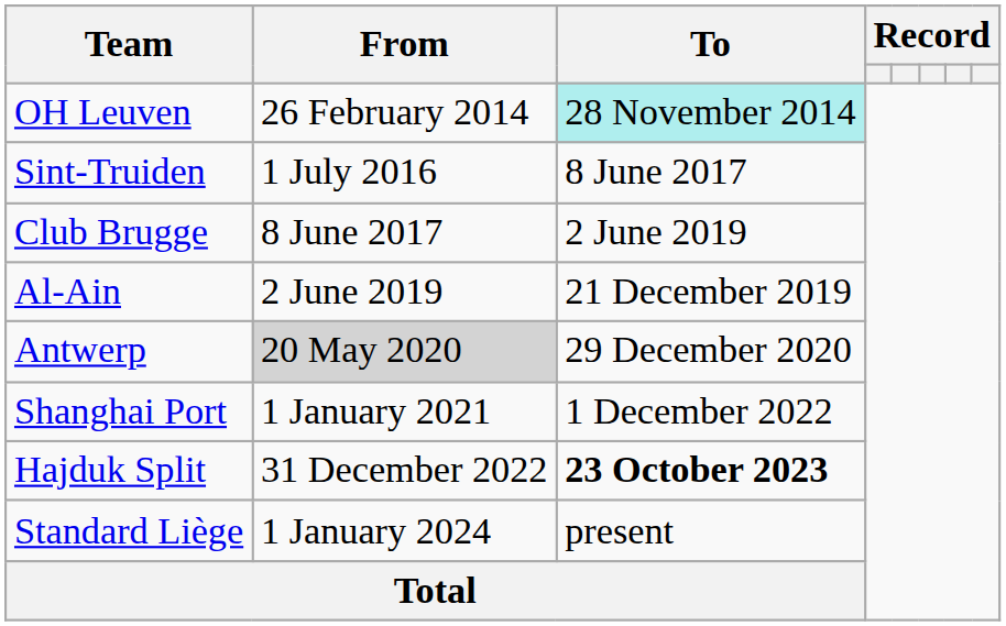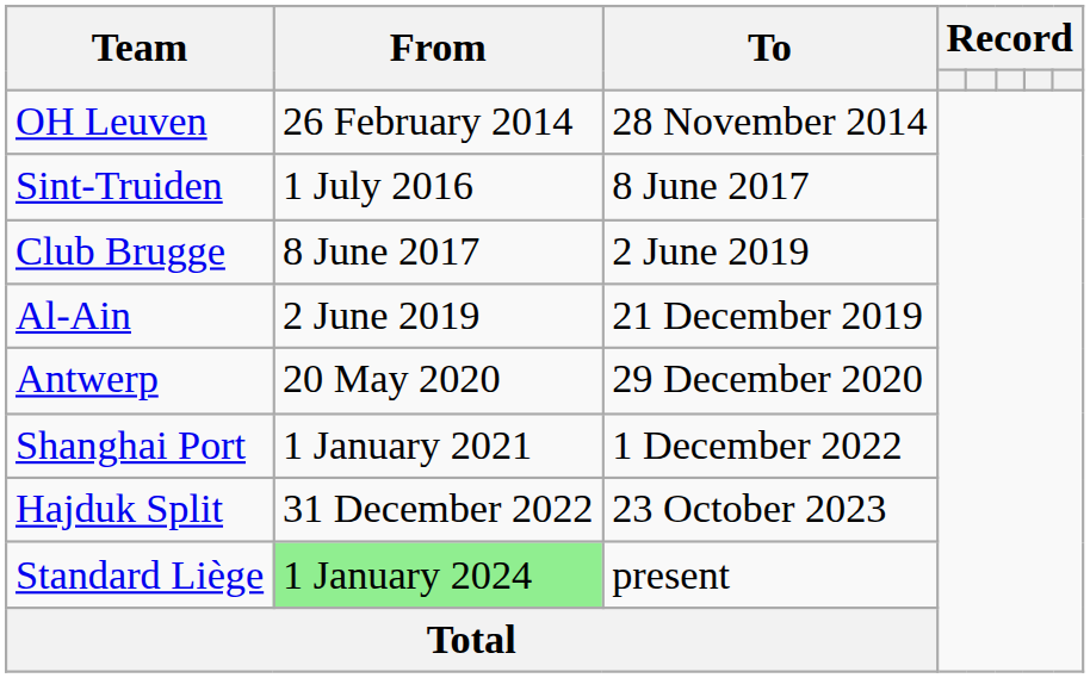 <table class=wikitable style="text-align: center">
 <tr>
 <th rowspan=2>Team</th>
 <th rowspan=2>From</th>
 <th rowspan=2>To</th>
 <th colspan=5>Record</th>
 </tr>
 <tr>
 <th></th>
 <th></th>
 <th></th>
 <th></th>
 <th></th>
 </tr>
 <tr>
 <td align=left><a href='#'>OH Leuven</a></td>
 <td align=left>26 February 2014</td>
-<td align=left style="background: paleturquoise;">28 November 2014<br></td>
+<td align=left>28 November 2014<br></td>
 </tr>
 <tr>
 <td align=left><a href='#'>Sint-Truiden</a></td>
 <td align=left>1 July 2016</td>
 <td align=left>8 June 2017<br></td>
 </tr>
 <tr>
 <td align=left><a href='#'>Club Brugge</a></td>
 <td align=left>8 June 2017</td>
 <td align=left>2 June 2019<br></td>
 </tr>
 <tr>
 <td align=left><a href='#'>Al-Ain</a></td>
 <td align=left>2 June 2019</td>
 <td align=left>21 December 2019<br></td>
 </tr>
 <tr>
 <td align=left><a href='#'>Antwerp</a></td>
-<td align=left style="background: lightgrey;">20 May 2020</td>
+<td align=left>20 May 2020</td>
 <td align=left>29 December 2020<br></td>
 </tr>
 <tr>
 <td align=left><a href='#'>Shanghai Port</a></td>
 <td align=left>1 January 2021</td>
 <td align=left>1 December 2022<br></td>
 </tr>
 <tr>
 <td align=left><a href='#'>Hajduk Split</a></td>
 <td align=left>31 December 2022</td>
-<td align=left><strong>23 October 2023<br></strong></td>
+<td align=left>23 October 2023<br></td>
 </tr>
 <tr>
 <td align=left><a href='#'>Standard Liège</a></td>
-<td align=left>1 January 2024</td>
+<td align=left style="background: lightgreen;">1 January 2024</td>
 <td align=left>present<br></td>
 </tr>
 <tr>
 <th colspan=3>Total<br></th>
 </tr>
 </table>
